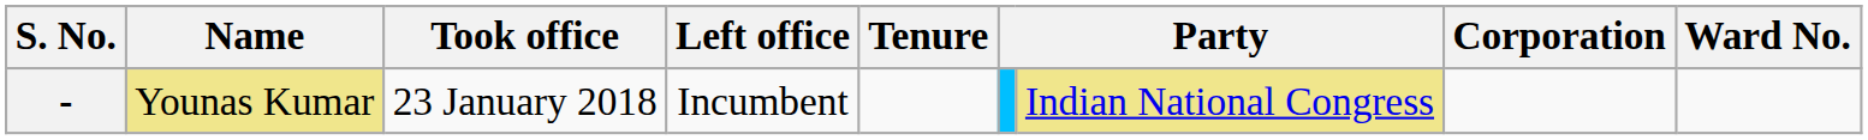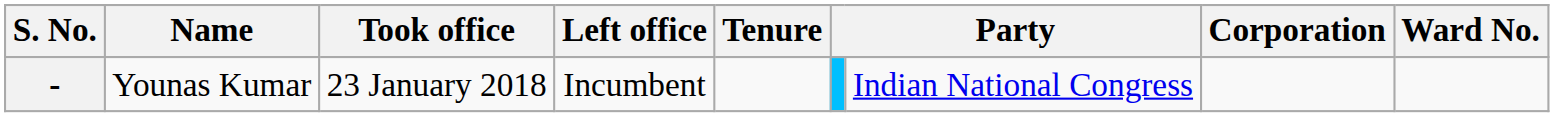 <table class="wikitable" style="text-align:center">
 <tr>
 <th>S. No.</th>
 <th>Name</th>
 <th>Took office</th>
 <th>Left office</th>
 <th>Tenure</th>
 <th colspan=2>Party</th>
 <th>Corporation</th>
 <th>Ward No.</th>
 </tr>
 <tr>
 <th>-</th>
-<td style="background: khaki;">Younas Kumar</td>
+<td>Younas Kumar</td>
 <td>23 January 2018</td>
 <td>Incumbent</td>
 <td></td>
 <td bgcolor=#00BFFF></td>
-<td style="background: khaki;"><a href='#'>Indian National Congress</a></td>
+<td><a href='#'>Indian National Congress</a></td>
 <td></td>
 <td></td>
 </tr>
 </table>
